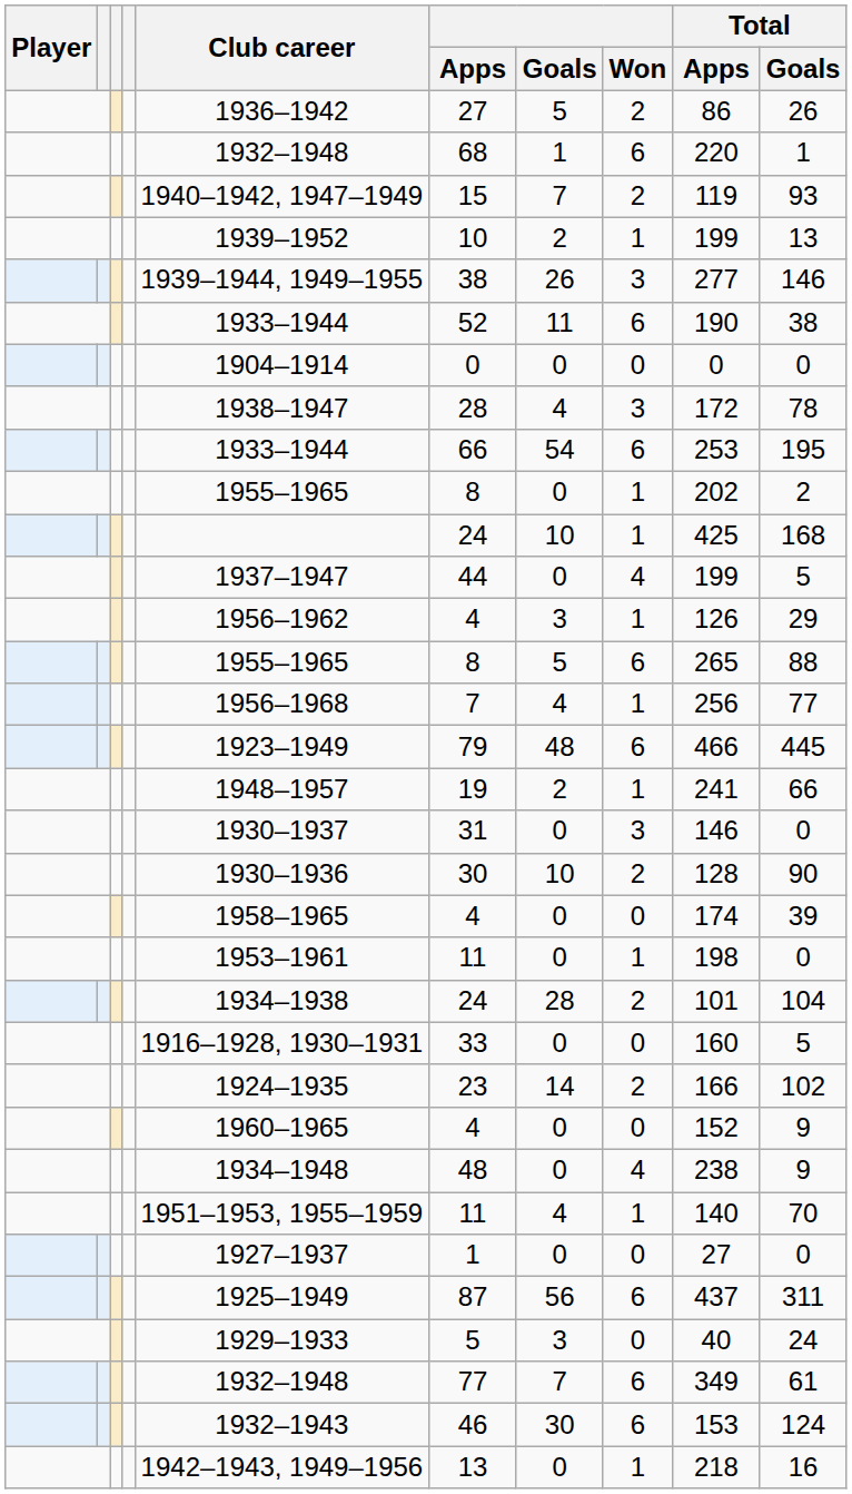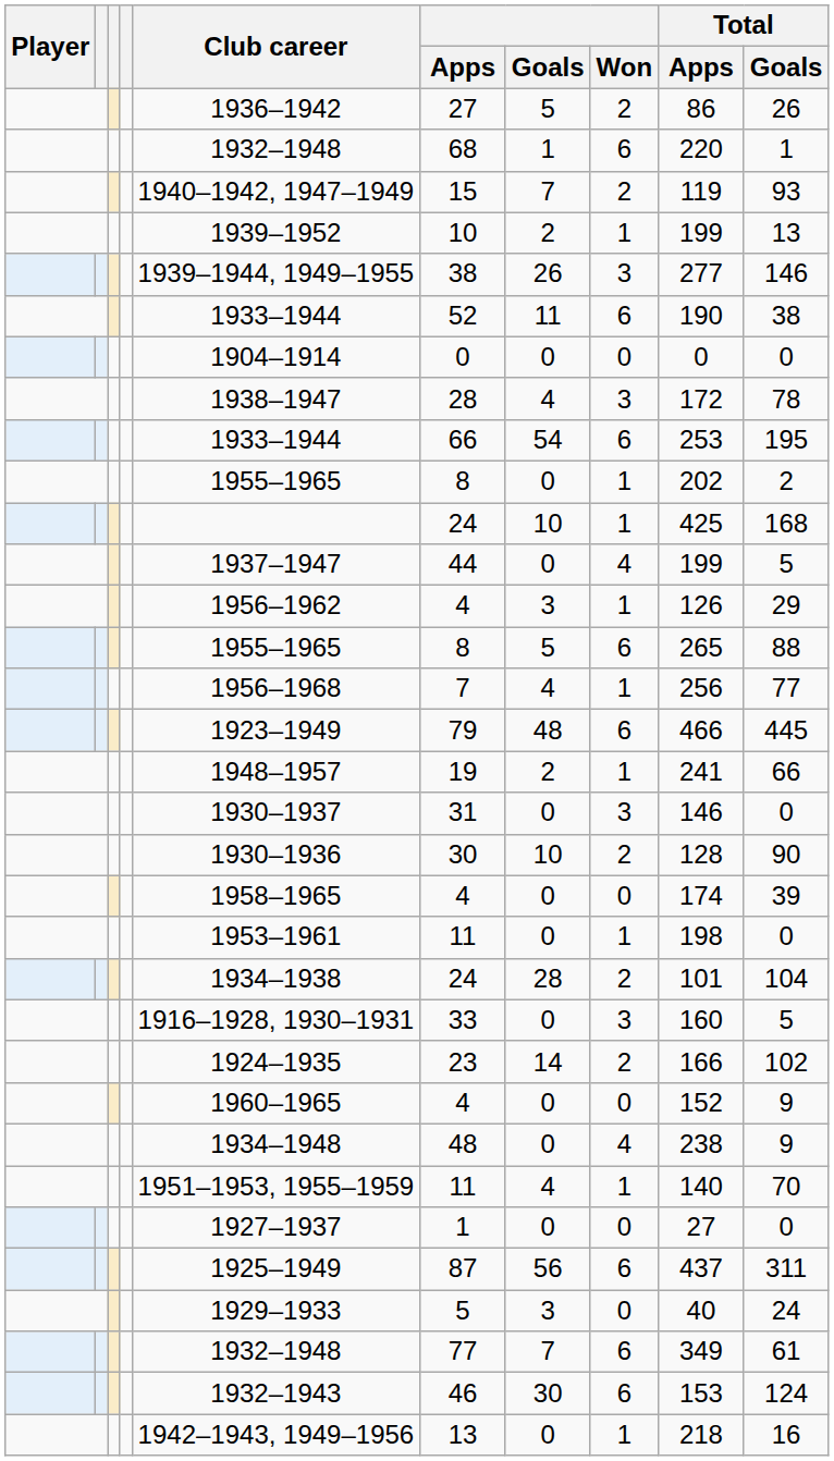 <table class="wikitable mw-datatable sortable sort-under-center" style="text-align: center;">
 <tr>
 <th rowspan=2>Player</th>
 <th rowspan=2></th>
 <th rowspan=2 data-sort-type=number></th>
 <th rowspan=2></th>
 <th rowspan=2>Club career</th>
 <th colspan=3></th>
 <th colspan=2>Total</th>
 </tr>
 <tr>
 <th width=45>Apps</th>
 <th>Goals</th>
 <th>Won</th>
 <th width=45>Apps</th>
 <th>Goals</th>
 </tr>
 <tr>
 <td align=left colspan=2></td>
 <td bgcolor=faecc8></td>
 <td></td>
 <td>1936–1942</td>
 <td>27</td>
 <td>5</td>
 <td>2</td>
 <td>86</td>
 <td>26</td>
 </tr>
 <tr>
 <td align=left colspan=2></td>
 <td></td>
 <td></td>
 <td>1932–1948</td>
 <td>68</td>
 <td>1</td>
 <td>6</td>
 <td>220</td>
 <td>1</td>
 </tr>
 <tr>
 <td align=left colspan=2></td>
 <td bgcolor=faecc8></td>
 <td></td>
 <td>1940–1942, 1947–1949</td>
 <td>15</td>
 <td>7</td>
 <td>2</td>
 <td>119</td>
 <td>93</td>
 </tr>
 <tr>
 <td align=left colspan=2></td>
 <td></td>
 <td></td>
 <td>1939–1952</td>
 <td>10</td>
 <td>2</td>
 <td>1</td>
 <td>199</td>
 <td>13</td>
 </tr>
 <tr>
 <td align=left bgcolor=e3effa></td>
 <td bgcolor=e3effa></td>
 <td bgcolor=faecc8></td>
 <td></td>
 <td>1939–1944, 1949–1955</td>
 <td>38</td>
 <td>26</td>
 <td>3</td>
 <td>277</td>
 <td>146</td>
 </tr>
 <tr>
 <td align=left colspan=2></td>
 <td bgcolor=faecc8></td>
 <td></td>
 <td>1933–1944</td>
 <td>52</td>
 <td>11</td>
 <td>6</td>
 <td>190</td>
 <td>38</td>
 </tr>
 <tr ||0||0>
 <td align=left bgcolor=e3effa></td>
 <td bgcolor=e3effa></td>
 <td></td>
 <td></td>
 <td>1904–1914</td>
 <td>0</td>
 <td>0</td>
 <td>0</td>
 <td>0</td>
 <td>0</td>
 </tr>
 <tr>
 <td align=left colspan=2></td>
 <td></td>
 <td></td>
 <td>1938–1947</td>
 <td>28</td>
 <td>4</td>
 <td>3</td>
 <td>172</td>
 <td>78</td>
 </tr>
 <tr>
 <td align=left bgcolor=e3effa></td>
 <td bgcolor=e3effa></td>
 <td></td>
 <td></td>
 <td>1933–1944</td>
 <td>66</td>
 <td>54</td>
 <td>6</td>
 <td>253</td>
 <td>195</td>
 </tr>
 <tr>
 <td align=left colspan=2></td>
 <td></td>
 <td></td>
 <td>1955–1965</td>
 <td>8</td>
 <td>0</td>
 <td>1</td>
 <td>202</td>
 <td>2</td>
 </tr>
 <tr>
 <td align=left bgcolor=e3effa></td>
 <td bgcolor=e3effa></td>
 <td bgcolor=faecc8></td>
 <td></td>
 <td> </td>
 <td>24</td>
 <td>10</td>
 <td>1</td>
 <td>425</td>
 <td>168</td>
 </tr>
 <tr>
 <td align=left colspan=2></td>
 <td bgcolor=faecc8></td>
 <td></td>
 <td>1937–1947</td>
 <td>44</td>
 <td>0</td>
 <td>4</td>
 <td>199</td>
 <td>5</td>
 </tr>
 <tr>
 <td align=left colspan=2></td>
 <td bgcolor=faecc8></td>
 <td></td>
 <td>1956–1962</td>
 <td>4</td>
 <td>3</td>
 <td>1</td>
 <td>126</td>
 <td>29</td>
 </tr>
 <tr>
 <td align=left bgcolor=e3effa></td>
 <td bgcolor=e3effa></td>
 <td bgcolor=faecc8></td>
 <td></td>
 <td>1955–1965</td>
 <td>8</td>
 <td>5</td>
 <td>6</td>
 <td>265</td>
 <td>88</td>
 </tr>
 <tr>
 <td align=left bgcolor=e3effa></td>
 <td bgcolor=e3effa></td>
 <td></td>
 <td></td>
 <td>1956–1968</td>
 <td>7</td>
 <td>4</td>
 <td>1</td>
 <td>256</td>
 <td>77</td>
 </tr>
 <tr>
 <td align=left bgcolor=e3effa></td>
 <td bgcolor=e3effa></td>
 <td bgcolor=faecc8></td>
 <td></td>
 <td>1923–1949</td>
 <td>79</td>
 <td>48</td>
 <td>6</td>
 <td>466</td>
 <td>445</td>
 </tr>
 <tr>
 <td align=left colspan=2></td>
 <td></td>
 <td></td>
 <td>1948–1957</td>
 <td>19</td>
 <td>2</td>
 <td>1</td>
 <td>241</td>
 <td>66</td>
 </tr>
 <tr>
 <td align=left colspan=2></td>
 <td></td>
 <td></td>
 <td>1930–1937</td>
 <td>31</td>
 <td>0</td>
 <td>3</td>
 <td>146</td>
 <td>0</td>
 </tr>
 <tr>
 <td align=left colspan=2></td>
 <td></td>
 <td></td>
 <td>1930–1936</td>
 <td>30</td>
 <td>10</td>
 <td>2</td>
 <td>128</td>
 <td>90</td>
 </tr>
 <tr>
 <td align=left colspan=2></td>
 <td bgcolor=faecc8></td>
 <td></td>
 <td>1958–1965</td>
 <td>4</td>
 <td>0</td>
 <td>0</td>
 <td>174</td>
 <td>39</td>
 </tr>
 <tr>
 <td align=left colspan=2></td>
 <td></td>
 <td></td>
 <td>1953–1961</td>
 <td>11</td>
 <td>0</td>
 <td>1</td>
 <td>198</td>
 <td>0</td>
 </tr>
 <tr>
 <td align=left bgcolor=e3effa></td>
 <td bgcolor=e3effa></td>
 <td bgcolor=faecc8></td>
 <td></td>
 <td>1934–1938</td>
 <td>24</td>
 <td>28</td>
 <td>2</td>
 <td>101</td>
 <td>104</td>
 </tr>
 <tr>
 <td align=left colspan=2></td>
 <td></td>
 <td></td>
 <td>1916–1928, 1930–1931</td>
 <td>33</td>
 <td>0</td>
-<td>0</td>
+<td>3</td>
 <td>160</td>
 <td>5</td>
 </tr>
 <tr>
 <td align=left colspan=2></td>
 <td></td>
 <td></td>
 <td>1924–1935</td>
 <td>23</td>
 <td>14</td>
 <td>2</td>
 <td>166</td>
 <td>102</td>
 </tr>
 <tr>
 <td align=left colspan=2></td>
 <td bgcolor=faecc8></td>
 <td></td>
 <td>1960–1965</td>
 <td>4</td>
 <td>0</td>
 <td>0</td>
 <td>152</td>
 <td>9</td>
 </tr>
 <tr>
 <td align=left colspan=2></td>
 <td></td>
 <td></td>
 <td>1934–1948</td>
 <td>48</td>
 <td>0</td>
 <td>4</td>
 <td>238</td>
 <td>9</td>
 </tr>
 <tr>
 <td align=left colspan=2></td>
 <td></td>
 <td></td>
 <td>1951–1953, 1955–1959</td>
 <td>11</td>
 <td>4</td>
 <td>1</td>
 <td>140</td>
 <td>70</td>
 </tr>
 <tr>
 <td align=left bgcolor=e3effa></td>
 <td bgcolor=e3effa></td>
 <td></td>
 <td></td>
 <td>1927–1937</td>
 <td>1</td>
 <td>0</td>
 <td>0</td>
 <td>27</td>
 <td>0</td>
 </tr>
 <tr>
 <td align=left bgcolor=e3effa></td>
 <td bgcolor=e3effa></td>
 <td bgcolor=faecc8></td>
 <td></td>
 <td>1925–1949</td>
 <td>87</td>
 <td>56</td>
 <td>6</td>
 <td>437</td>
 <td>311</td>
 </tr>
 <tr>
 <td align=left colspan=2></td>
 <td bgcolor=faecc8></td>
 <td></td>
 <td>1929–1933</td>
 <td>5</td>
 <td>3</td>
 <td>0</td>
 <td>40</td>
 <td>24</td>
 </tr>
 <tr>
 <td align=left bgcolor=e3effa></td>
 <td bgcolor=e3effa></td>
 <td bgcolor=faecc8></td>
 <td></td>
 <td>1932–1948</td>
 <td>77</td>
 <td>7</td>
 <td>6</td>
 <td>349</td>
 <td>61</td>
 </tr>
 <tr>
 <td align=left bgcolor=e3effa></td>
 <td bgcolor=e3effa></td>
 <td bgcolor=faecc8></td>
 <td></td>
 <td>1932–1943</td>
 <td>46</td>
 <td>30</td>
 <td>6</td>
 <td>153</td>
 <td>124</td>
 </tr>
 <tr>
 <td align=left colspan=2></td>
 <td></td>
 <td></td>
 <td>1942–1943, 1949–1956</td>
 <td>13</td>
 <td>0</td>
 <td>1</td>
 <td>218</td>
 <td>16</td>
 </tr>
 </table>
